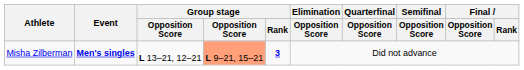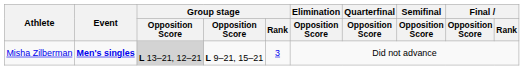 <table class="wikitable" style="text-align:left; font-size:90%">
 <tr>
 <th rowspan=2>Athlete</th>
 <th rowspan=2>Event</th>
 <th colspan=3>Group stage</th>
 <th>Elimination</th>
 <th>Quarterfinal</th>
 <th>Semifinal</th>
 <th colspan=2>Final / </th>
 </tr>
 <tr style="font-size:95%">
 <th>Opposition<br>Score</th>
 <th>Opposition<br>Score</th>
 <th>Rank</th>
 <th>Opposition<br>Score</th>
 <th>Opposition<br>Score</th>
 <th>Opposition<br>Score</th>
 <th>Opposition<br>Score</th>
 <th>Rank</th>
 </tr>
 <tr align=center>
 <td align=left><a href='#'>Misha Zilberman</a></td>
 <td align=left><strong><a href='#'>Men's singles</a></strong></td>
-<td><br> <strong>L</strong> 13–21, 12–21</td>
-<td style="background: lightsalmon;"><br> <strong>L</strong> 9–21, 15–21</td>
-<td><strong><a href='#'>3</a></strong></td>
+<td style="background: lightgrey;"><br> <strong>L</strong> 13–21, 12–21</td>
+<td><br> <strong>L</strong> 9–21, 15–21</td>
+<td><a href='#'>3</a></td>
 <td colspan=5>Did not advance</td>
 </tr>
 </table>
